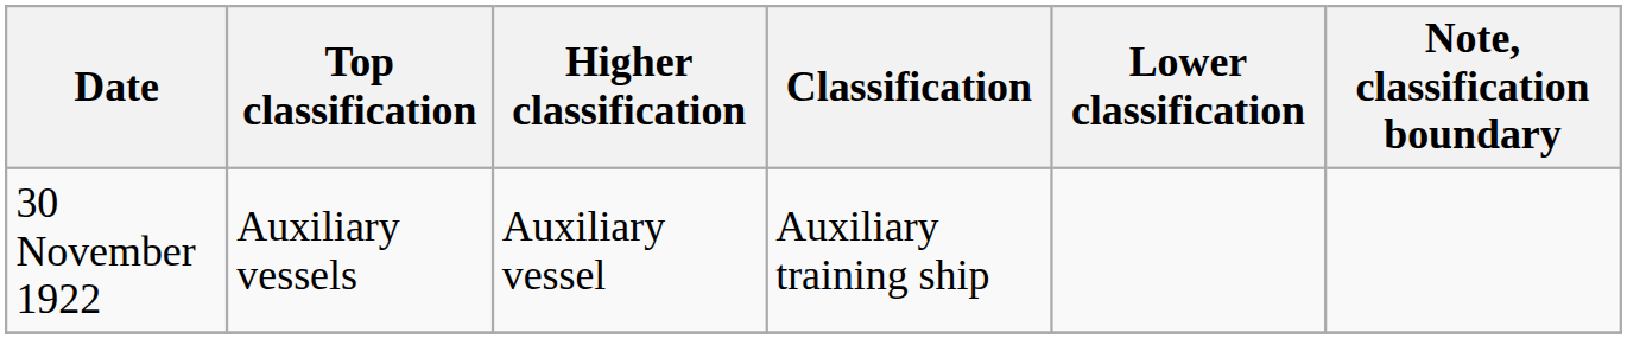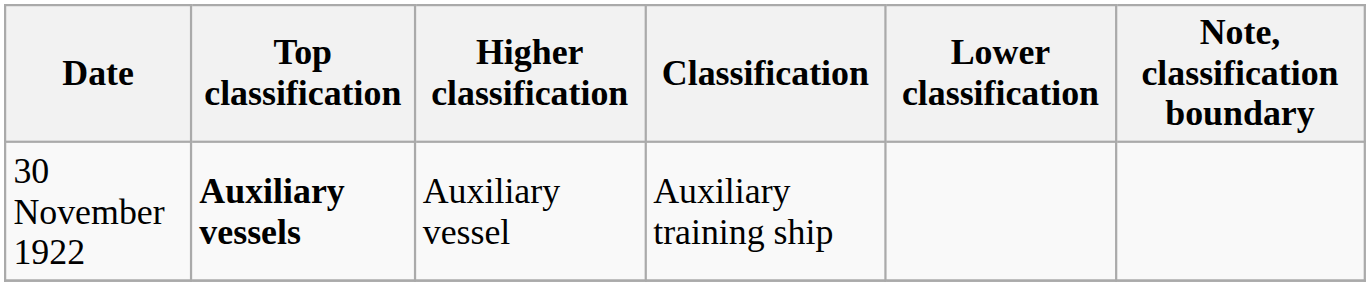 <table class="wikitable">
 <tr>
 <th>Date</th>
 <th>Top classification</th>
 <th>Higher classification</th>
 <th>Classification</th>
 <th>Lower classification</th>
 <th>Note, classification boundary</th>
 </tr>
 <tr>
 <td>30 November 1922</td>
-<td>Auxiliary vessels</td>
+<td><strong>Auxiliary vessels</strong></td>
 <td>Auxiliary vessel</td>
 <td>Auxiliary training ship</td>
 <td></td>
 <td></td>
 </tr>
 <tr>
 </tr>
 </table>
